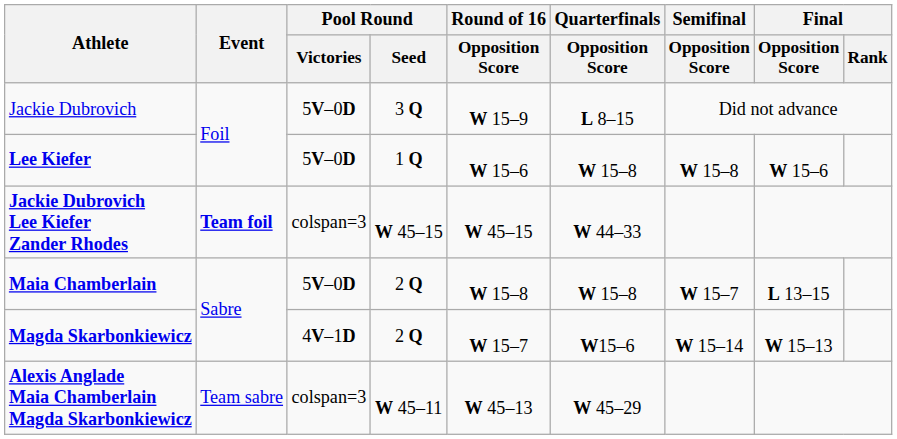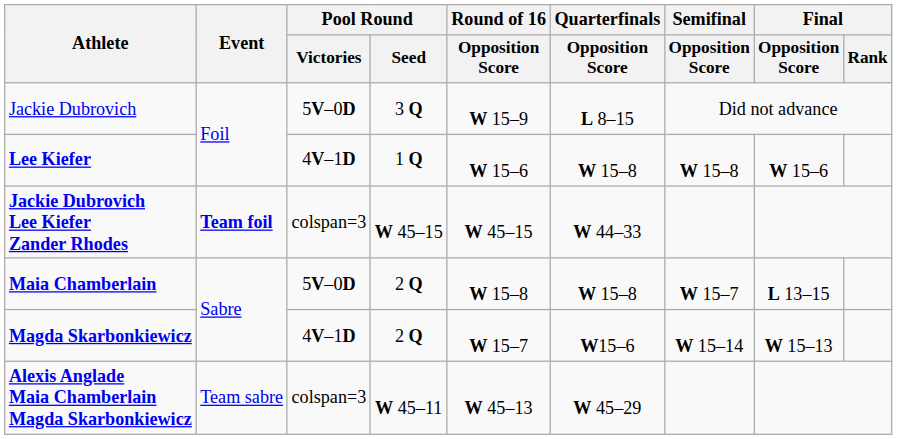 <table class=wikitable style=font-size:90%;text-align:center>
 <tr>
 <th rowspan=2>Athlete</th>
 <th rowspan=2>Event</th>
 <th colspan=2>Pool Round</th>
 <th>Round of 16</th>
 <th>Quarterfinals</th>
 <th>Semifinal</th>
 <th colspan=2>Final</th>
 </tr>
 <tr style=font-size:95%>
 <th>Victories</th>
 <th>Seed</th>
 <th>Opposition<br>Score</th>
 <th>Opposition<br>Score</th>
 <th>Opposition<br>Score</th>
 <th>Opposition<br>Score</th>
 <th>Rank</th>
 </tr>
 <tr>
 <td align=left><a href='#'>Jackie Dubrovich</a></td>
 <td align=left rowspan=2><a href='#'>Foil</a></td>
 <td>5<strong>V</strong>–0<strong>D</strong></td>
 <td>3 <strong>Q</strong></td>
 <td><br><strong>W</strong> 15–9</td>
 <td><br><strong>L</strong> 8–15</td>
 <td colspan=3>Did not advance</td>
 </tr>
 <tr>
 <td align=left><strong><a href='#'>Lee Kiefer</a></strong></td>
-<td>5<strong>V</strong>–0<strong>D</strong></td>
+<td>4<strong>V</strong>–1<strong>D</strong></td>
 <td>1 <strong>Q</strong></td>
 <td><br><strong>W</strong> 15–6</td>
 <td><br><strong>W</strong> 15–8</td>
 <td><br><strong>W</strong> 15–8</td>
 <td><br><strong>W</strong> 15–6</td>
 <td></td>
 </tr>
 <tr>
 <td align=left><strong><a href='#'>Jackie Dubrovich</a><br><a href='#'>Lee Kiefer</a><br><a href='#'>Zander Rhodes</a></strong></td>
 <td align=left><strong><a href='#'>Team foil</a></strong></td>
 <td>colspan=3 </td>
 <td><br><strong>W</strong> 45–15</td>
 <td><br><strong>W</strong> 45–15</td>
 <td><br><strong>W</strong> 44–33</td>
 <td></td>
 </tr>
 <tr>
 <td align=left><strong><a href='#'>Maia Chamberlain</a></strong></td>
 <td align=left rowspan=2><a href='#'>Sabre</a></td>
 <td>5<strong>V</strong>–0<strong>D</strong></td>
 <td>2 <strong>Q</strong></td>
 <td><br><strong>W</strong> 15–8</td>
 <td><br><strong>W</strong> 15–8</td>
 <td><br><strong>W</strong> 15–7</td>
 <td><br><strong>L</strong> 13–15</td>
 <td></td>
 </tr>
 <tr>
 <td align=left><strong><a href='#'>Magda Skarbonkiewicz</a></strong></td>
 <td>4<strong>V</strong>–1<strong>D</strong></td>
 <td>2 <strong>Q</strong></td>
 <td><br><strong>W</strong> 15–7</td>
 <td><br><strong>W</strong>15–6</td>
 <td><br><strong>W</strong> 15–14</td>
 <td><br><strong>W</strong> 15–13</td>
 <td></td>
 </tr>
 <tr>
 <td align=left><strong><a href='#'>Alexis Anglade</a><br><a href='#'>Maia Chamberlain</a><br><a href='#'>Magda Skarbonkiewicz</a></strong></td>
 <td align=left><a href='#'>Team sabre</a></td>
 <td>colspan=3 </td>
 <td><br><strong>W</strong> 45–11</td>
 <td><br><strong>W</strong> 45–13</td>
 <td><br><strong>W</strong> 45–29</td>
 <td></td>
 </tr>
 </table>
